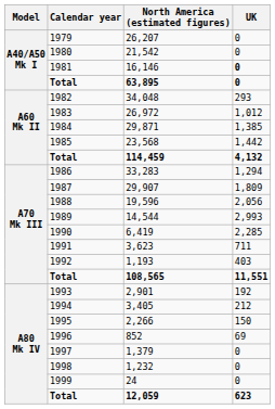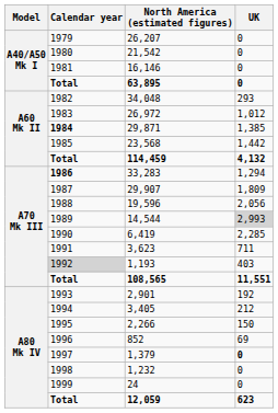 <table class="wikitable">
 <tr>
 <th>Model</th>
 <th>Calendar year</th>
 <th>North America<br>(estimated figures)</th>
 <th>UK</th>
 </tr>
 <tr>
 <th rowspan="4">A40/A50<br>Mk I<br></th>
 <td>1979</td>
 <td>26,207</td>
 <td>0</td>
 </tr>
 <tr>
 <td>1980</td>
 <td>21,542</td>
 <td>0</td>
 </tr>
 <tr>
 <td>1981</td>
 <td>16,146</td>
-<td><strong>0</strong></td>
+<td>0</td>
 </tr>
 <tr>
 <td><strong>Total</strong></td>
 <td><strong>63,895</strong></td>
 <td><strong>0</strong></td>
 </tr>
 <tr>
 <th rowspan="5">A60<br>Mk II<br><br></th>
 <td>1982</td>
 <td>34,048</td>
 <td>293</td>
 </tr>
 <tr>
 <td>1983</td>
 <td>26,972</td>
 <td>1,012</td>
 </tr>
 <tr>
-<td>1984</td>
+<td><strong>1984</strong></td>
 <td>29,871</td>
 <td>1,385</td>
 </tr>
 <tr>
 <td>1985</td>
 <td>23,568</td>
 <td>1,442</td>
 </tr>
 <tr>
 <td><strong>Total</strong></td>
 <td><strong>114,459</strong></td>
 <td><strong>4,132</strong></td>
 </tr>
 <tr>
 <th rowspan="8">A70<br>Mk III<br><br></th>
-<td>1986</td>
+<td><strong>1986</strong></td>
 <td>33,283</td>
 <td>1,294</td>
 </tr>
 <tr>
 <td>1987</td>
 <td>29,907</td>
 <td>1,809</td>
 </tr>
 <tr>
 <td>1988</td>
 <td>19,596</td>
 <td>2,056</td>
 </tr>
 <tr>
 <td>1989</td>
 <td>14,544</td>
-<td>2,993</td>
+<td style="background: lightgrey;">2,993</td>
 </tr>
 <tr>
 <td>1990</td>
 <td>6,419</td>
 <td>2,285</td>
 </tr>
 <tr>
 <td>1991</td>
 <td>3,623</td>
 <td>711</td>
 </tr>
 <tr>
-<td>1992</td>
+<td style="background: lightgrey;">1992</td>
 <td>1,193</td>
 <td>403</td>
 </tr>
 <tr>
 <td><strong>Total</strong></td>
 <td><strong>108,565</strong></td>
 <td><strong>11,551</strong></td>
 </tr>
 <tr>
 <th rowspan="8">A80<br>Mk IV<br></th>
 <td>1993</td>
 <td>2,901</td>
 <td>192</td>
 </tr>
 <tr>
 <td>1994</td>
 <td>3,405</td>
 <td>212</td>
 </tr>
 <tr>
 <td>1995</td>
 <td>2,266</td>
 <td>150</td>
 </tr>
 <tr>
 <td>1996</td>
 <td>852</td>
 <td>69</td>
 </tr>
 <tr>
 <td>1997</td>
 <td>1,379</td>
-<td>0</td>
+<td><strong>0</strong></td>
 </tr>
 <tr>
 <td>1998</td>
 <td>1,232</td>
 <td>0</td>
 </tr>
 <tr>
 <td>1999</td>
 <td>24</td>
 <td>0</td>
 </tr>
 <tr>
 <td><strong>Total</strong></td>
 <td><strong>12,059</strong></td>
 <td><strong>623</strong></td>
 </tr>
 </table>
